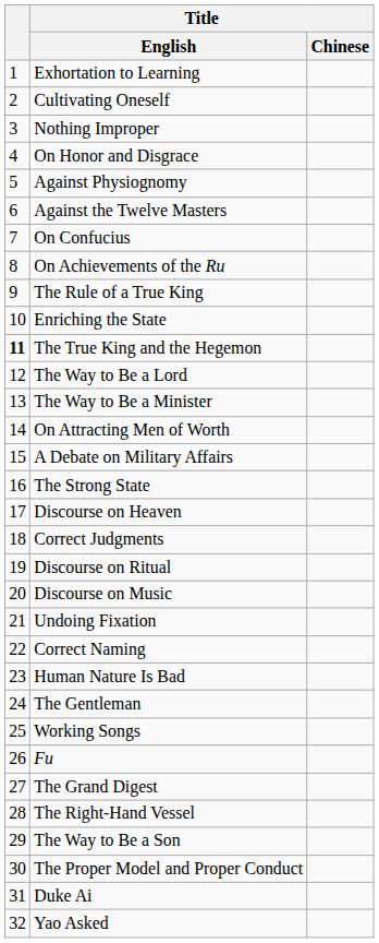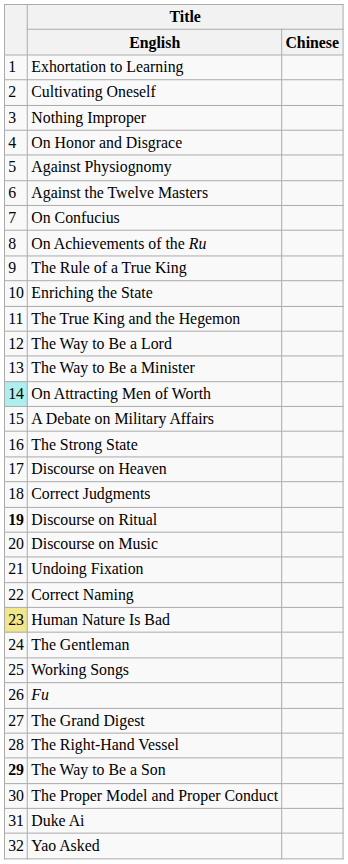 <table class="wikitable mw-collapsible">
 <tr>
 <th rowspan="2" scope="col"></th>
 <th colspan="2">Title</th>
 </tr>
 <tr>
 <th scope="col">English</th>
 <th scope="col">Chinese</th>
 </tr>
 <tr>
 <td scope="row">1</td>
 <td>Exhortation to Learning</td>
 <td></td>
 </tr>
 <tr>
 <td scope="row">2</td>
 <td>Cultivating Oneself</td>
 <td></td>
 </tr>
 <tr>
 <td scope="row">3</td>
 <td>Nothing Improper</td>
 <td></td>
 </tr>
 <tr>
 <td scope="row">4</td>
 <td>On Honor and Disgrace</td>
 <td></td>
 </tr>
 <tr>
 <td scope="row">5</td>
 <td>Against Physiognomy</td>
 <td></td>
 </tr>
 <tr>
 <td scope="row">6</td>
 <td>Against the Twelve Masters</td>
 <td></td>
 </tr>
 <tr>
 <td scope="row">7</td>
 <td>On Confucius</td>
 <td></td>
 </tr>
 <tr>
 <td scope="row">8</td>
 <td>On Achievements of the <em>Ru</em></td>
 <td></td>
 </tr>
 <tr>
 <td scope="row">9</td>
 <td>The Rule of a True King</td>
 <td></td>
 </tr>
 <tr>
 <td scope="row">10</td>
 <td>Enriching the State</td>
 <td></td>
 </tr>
 <tr>
-<td scope="row"><strong>11</strong></td>
+<td scope="row">11</td>
 <td>The True King and the Hegemon</td>
 <td></td>
 </tr>
 <tr>
 <td scope="row">12</td>
 <td>The Way to Be a Lord</td>
 <td></td>
 </tr>
 <tr>
 <td scope="row">13</td>
 <td>The Way to Be a Minister</td>
 <td></td>
 </tr>
 <tr>
-<td scope="row">14</td>
+<td scope="row" style="background: paleturquoise;">14</td>
 <td>On Attracting Men of Worth</td>
 <td></td>
 </tr>
 <tr>
 <td scope="row">15</td>
 <td>A Debate on Military Affairs</td>
 <td></td>
 </tr>
 <tr>
 <td scope="row">16</td>
 <td>The Strong State</td>
 <td></td>
 </tr>
 <tr>
 <td scope="row">17</td>
 <td>Discourse on Heaven</td>
 <td></td>
 </tr>
 <tr>
 <td scope="row">18</td>
 <td>Correct Judgments</td>
 <td></td>
 </tr>
 <tr>
-<td scope="row">19</td>
+<td scope="row"><strong>19</strong></td>
 <td>Discourse on Ritual</td>
 <td></td>
 </tr>
 <tr>
 <td scope="row">20</td>
 <td>Discourse on Music</td>
 <td></td>
 </tr>
 <tr>
 <td scope="row">21</td>
 <td>Undoing Fixation</td>
 <td></td>
 </tr>
 <tr>
 <td scope="row">22</td>
 <td>Correct Naming</td>
 <td></td>
 </tr>
 <tr>
-<td scope="row">23</td>
+<td scope="row" style="background: khaki;">23</td>
 <td>Human Nature Is Bad</td>
 <td></td>
 </tr>
 <tr>
 <td scope="row">24</td>
 <td>The Gentleman</td>
 <td></td>
 </tr>
 <tr>
 <td scope="row">25</td>
 <td>Working Songs</td>
 <td></td>
 </tr>
 <tr>
 <td scope="row">26</td>
 <td><em>Fu</em></td>
 <td></td>
 </tr>
 <tr>
 <td scope="row">27</td>
 <td>The Grand Digest</td>
 <td></td>
 </tr>
 <tr>
 <td scope="row">28</td>
 <td>The Right-Hand Vessel</td>
 <td></td>
 </tr>
 <tr>
-<td scope="row">29</td>
+<td scope="row"><strong>29</strong></td>
 <td>The Way to Be a Son</td>
 <td></td>
 </tr>
 <tr>
 <td scope="row">30</td>
 <td>The Proper Model and Proper Conduct</td>
 <td></td>
 </tr>
 <tr>
 <td scope="row">31</td>
 <td>Duke Ai</td>
 <td></td>
 </tr>
 <tr>
 <td scope="row">32</td>
 <td>Yao Asked</td>
 <td></td>
 </tr>
 </table>
